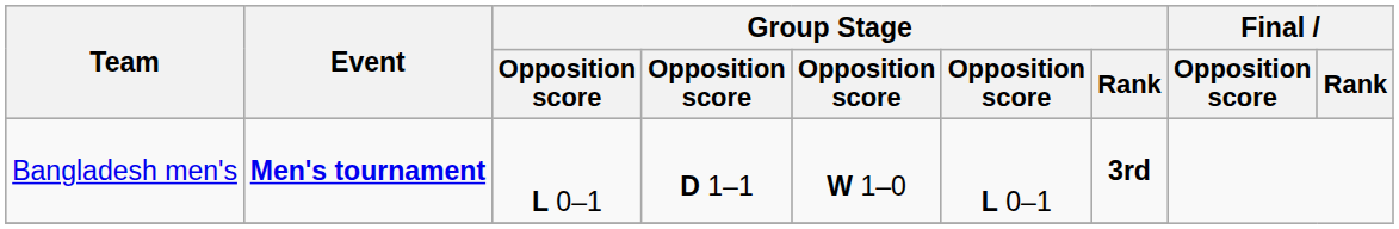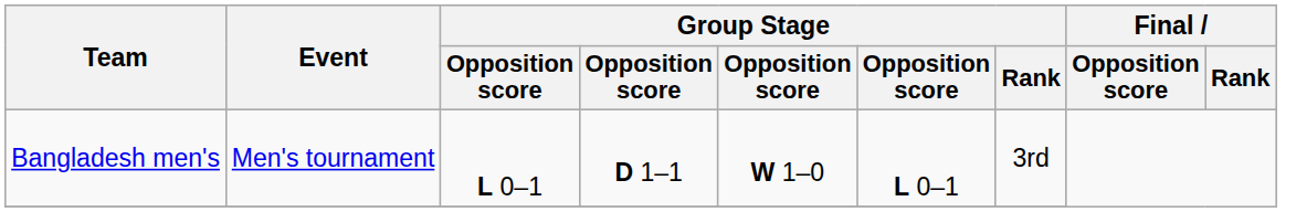 <table class=wikitable style=font-size:90%;text-align:center>
 <tr>
 <th rowspan=2>Team</th>
 <th rowspan=2>Event</th>
 <th colspan=5>Group Stage</th>
 <th colspan=2>Final / </th>
 </tr>
 <tr style=font-size:95%>
 <th>Opposition<br>score</th>
 <th>Opposition<br>score</th>
 <th>Opposition<br>score</th>
 <th>Opposition<br>score</th>
 <th>Rank</th>
 <th>Opposition<br>score</th>
 <th>Rank</th>
 </tr>
 <tr>
 <td align=left><a href='#'>Bangladesh men's</a></td>
-<td align=left><strong><a href='#'>Men's tournament</a></strong></td>
+<td align=left><a href='#'>Men's tournament</a></td>
 <td><br><br><strong>L</strong> 0–1</td>
 <td><br><strong>D</strong> 1–1</td>
 <td><br><strong>W</strong> 1–0</td>
 <td><br><br><strong>L</strong> 0–1</td>
-<td><strong>3rd</strong></td>
+<td>3rd</td>
 </tr>
 <tr>
 </tr>
 </table>
